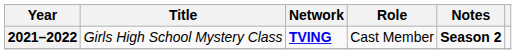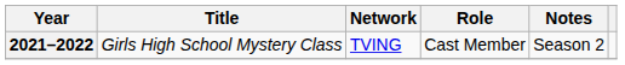 <table class="wikitable sortable plainrowheaders">
 <tr>
 <th scope="col">Year</th>
 <th scope="col">Title</th>
 <th scope="col">Network</th>
 <th scope="col">Role</th>
 <th scope="col">Notes</th>
 <th scope="col" class="unsortable"></th>
 </tr>
 <tr>
 <th scope="row">2021–2022</th>
 <td><em>Girls High School Mystery Class</em></td>
-<td><strong><a href='#'>TVING</a></strong></td>
+<td><a href='#'>TVING</a></td>
 <td>Cast Member</td>
-<td><strong>Season 2</strong></td>
+<td>Season 2</td>
 <td></td>
 </tr>
 <tr>
 </tr>
 </table>
